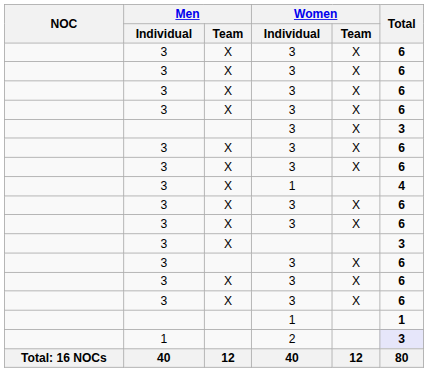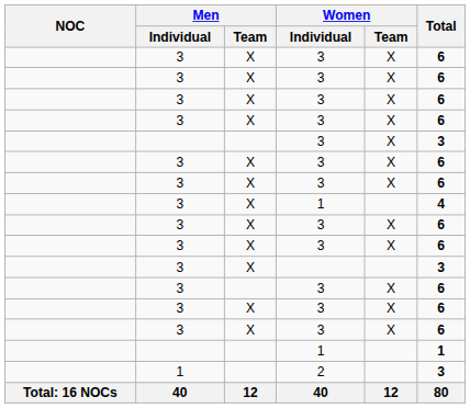 <table class="wikitable" width=500 style="text-align:center; font-size:90%">
 <tr>
 <th rowspan="2" align="center">NOC</th>
 <th colspan="2"><a href='#'>Men</a></th>
 <th colspan="2"><a href='#'>Women</a></th>
 <th rowspan="2">Total</th>
 </tr>
 <tr>
 <th>Individual</th>
 <th>Team</th>
 <th>Individual</th>
 <th>Team</th>
 </tr>
 <tr>
 <td style="text-align:left;"></td>
 <td>3</td>
 <td>X</td>
 <td>3</td>
 <td>X</td>
 <td><strong>6</strong></td>
 </tr>
 <tr>
 <td style="text-align:left;"></td>
 <td>3</td>
 <td>X</td>
 <td>3</td>
 <td>X</td>
 <td><strong>6</strong></td>
 </tr>
 <tr>
 <td style="text-align:left;"></td>
 <td>3</td>
 <td>X</td>
 <td>3</td>
 <td>X</td>
 <td><strong>6</strong></td>
 </tr>
 <tr>
 <td style="text-align:left;"></td>
 <td>3</td>
 <td>X</td>
 <td>3</td>
 <td>X</td>
 <td><strong>6</strong></td>
 </tr>
 <tr>
 <td style="text-align:left;"></td>
 <td></td>
 <td></td>
 <td>3</td>
 <td>X</td>
 <td><strong>3</strong></td>
 </tr>
 <tr>
 <td style="text-align:left;"></td>
 <td>3</td>
 <td>X</td>
 <td>3</td>
 <td>X</td>
 <td><strong>6</strong></td>
 </tr>
 <tr>
 <td style="text-align:left;"></td>
 <td>3</td>
 <td>X</td>
 <td>3</td>
 <td>X</td>
 <td><strong>6</strong></td>
 </tr>
 <tr>
 <td style="text-align:left;"></td>
 <td>3</td>
 <td>X</td>
 <td>1</td>
 <td></td>
 <td><strong>4</strong></td>
 </tr>
 <tr>
 <td style="text-align:left;"></td>
 <td>3</td>
 <td>X</td>
 <td>3</td>
 <td>X</td>
 <td><strong>6</strong></td>
 </tr>
 <tr>
 <td style="text-align:left;"></td>
 <td>3</td>
 <td>X</td>
 <td>3</td>
 <td>X</td>
 <td><strong>6</strong></td>
 </tr>
 <tr>
 <td style="text-align:left;"></td>
 <td>3</td>
 <td>X</td>
 <td></td>
 <td></td>
 <td><strong>3</strong></td>
 </tr>
 <tr>
 <td style="text-align:left;"></td>
 <td>3</td>
 <td></td>
 <td>3</td>
 <td>X</td>
 <td><strong>6</strong></td>
 </tr>
 <tr>
 <td style="text-align:left;"></td>
 <td>3</td>
 <td>X</td>
 <td>3</td>
 <td>X</td>
 <td><strong>6</strong></td>
 </tr>
 <tr>
 <td style="text-align:left;"></td>
 <td>3</td>
 <td>X</td>
 <td>3</td>
 <td>X</td>
 <td><strong>6</strong></td>
 </tr>
 <tr>
 <td style="text-align:left;"></td>
 <td></td>
 <td></td>
 <td>1</td>
 <td></td>
 <td><strong>1</strong></td>
 </tr>
 <tr>
 <td style="text-align:left;"></td>
 <td>1</td>
 <td></td>
 <td>2</td>
 <td></td>
-<td style="background: lavender;"><strong>3</strong></td>
+<td><strong>3</strong></td>
 </tr>
 <tr>
 <th>Total: 16 NOCs</th>
 <th>40</th>
 <th>12</th>
 <th>40</th>
 <th>12</th>
 <th>80</th>
 </tr>
 </table>
